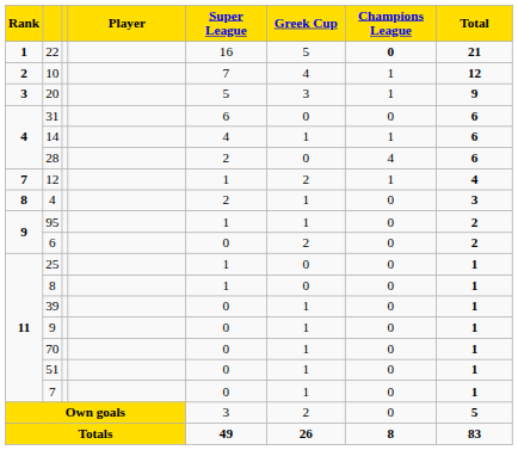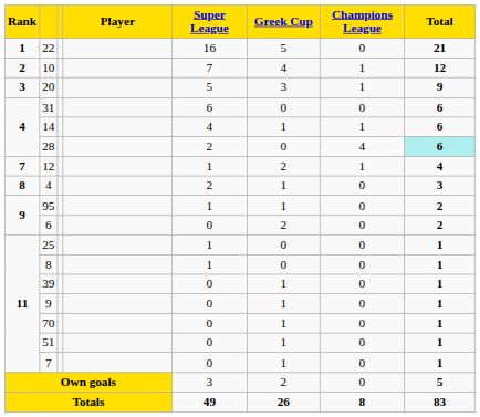 <table class="wikitable sortable" style="text-align: center">
 <tr>
 <th style="background:#FFDE00">Rank</th>
 <th style="background:#FFDE00"></th>
 <th style="background:#FFDE00"></th>
 <th width=200 style="background:#FFDE00">Player</th>
 <th width=120 style="background:#FFDE00"><a href='#'>Super League</a></th>
 <th width=120 style="background:#FFDE00"><a href='#'>Greek Cup</a></th>
 <th width=120 style="background:#FFDE00"><a href='#'>Champions League</a></th>
 <th width=120 style="background:#FFDE00">Total</th>
 </tr>
 <tr>
 <td><strong>1</strong></td>
 <td>22</td>
 <td></td>
 <td align=left></td>
 <td>16</td>
 <td>5</td>
-<td><strong>0</strong></td>
+<td>0</td>
 <td><strong>21</strong></td>
 </tr>
 <tr>
 <td><strong>2</strong></td>
 <td>10</td>
 <td></td>
 <td align=left></td>
 <td>7</td>
 <td>4</td>
 <td>1</td>
 <td><strong>12</strong></td>
 </tr>
 <tr>
 <td><strong>3</strong></td>
 <td>20</td>
 <td></td>
 <td align=left></td>
 <td>5</td>
 <td>3</td>
 <td>1</td>
 <td><strong>9</strong></td>
 </tr>
 <tr>
 <td rowspan=3><strong>4</strong></td>
 <td>31</td>
 <td></td>
 <td align=left></td>
 <td>6</td>
 <td>0</td>
 <td>0</td>
 <td><strong>6</strong></td>
 </tr>
 <tr>
 <td>14</td>
 <td></td>
 <td align=left></td>
 <td>4</td>
 <td>1</td>
 <td>1</td>
 <td><strong>6</strong></td>
 </tr>
 <tr>
 <td>28</td>
 <td></td>
 <td align=left></td>
 <td>2</td>
 <td>0</td>
 <td>4</td>
-<td><strong>6</strong></td>
+<td style="background: paleturquoise;"><strong>6</strong></td>
 </tr>
 <tr>
 <td><strong>7</strong></td>
 <td>12</td>
 <td></td>
 <td align=left></td>
 <td>1</td>
 <td>2</td>
 <td>1</td>
 <td><strong>4</strong></td>
 </tr>
 <tr>
 <td><strong>8</strong></td>
 <td>4</td>
 <td></td>
 <td align=left></td>
 <td>2</td>
 <td>1</td>
 <td>0</td>
 <td><strong>3</strong></td>
 </tr>
 <tr>
 <td rowspan=2><strong>9</strong></td>
 <td>95</td>
 <td></td>
 <td align=left></td>
 <td>1</td>
 <td>1</td>
 <td>0</td>
 <td><strong>2</strong></td>
 </tr>
 <tr>
 <td>6</td>
 <td></td>
 <td align=left></td>
 <td>0</td>
 <td>2</td>
 <td>0</td>
 <td><strong>2</strong></td>
 </tr>
 <tr>
 <td rowspan=7><strong>11</strong></td>
 <td>25</td>
 <td></td>
 <td align=left></td>
 <td>1</td>
 <td>0</td>
 <td>0</td>
 <td><strong>1</strong></td>
 </tr>
 <tr>
 <td>8</td>
 <td></td>
 <td align=left></td>
 <td>1</td>
 <td>0</td>
 <td>0</td>
 <td><strong>1</strong></td>
 </tr>
 <tr>
 <td>39</td>
 <td></td>
 <td align=left></td>
 <td>0</td>
 <td>1</td>
 <td>0</td>
 <td><strong>1</strong></td>
 </tr>
 <tr>
 <td>9</td>
 <td></td>
 <td align=left></td>
 <td>0</td>
 <td>1</td>
 <td>0</td>
 <td><strong>1</strong></td>
 </tr>
 <tr>
 <td>70</td>
 <td></td>
 <td align=left></td>
 <td>0</td>
 <td>1</td>
 <td>0</td>
 <td><strong>1</strong></td>
 </tr>
 <tr>
 <td>51</td>
 <td></td>
 <td align=left></td>
 <td>0</td>
 <td>1</td>
 <td>0</td>
 <td><strong>1</strong></td>
 </tr>
 <tr>
 <td>7</td>
 <td></td>
 <td align=left></td>
 <td>0</td>
 <td>1</td>
 <td>0</td>
 <td><strong>1</strong></td>
 </tr>
 <tr class="sortbottom">
 <td colspan=4 style="background:#FFDE00"><strong>Own goals</strong></td>
 <td>3</td>
 <td>2</td>
 <td>0</td>
 <td><strong>5</strong></td>
 </tr>
 <tr class="sortbottom">
 <th colspan=4 style="background:#FFDE00"><strong>Totals</strong></th>
 <td><strong>49</strong></td>
 <td><strong>26</strong></td>
 <td><strong> 8</strong></td>
 <td><strong>83</strong></td>
 </tr>
 </table>
